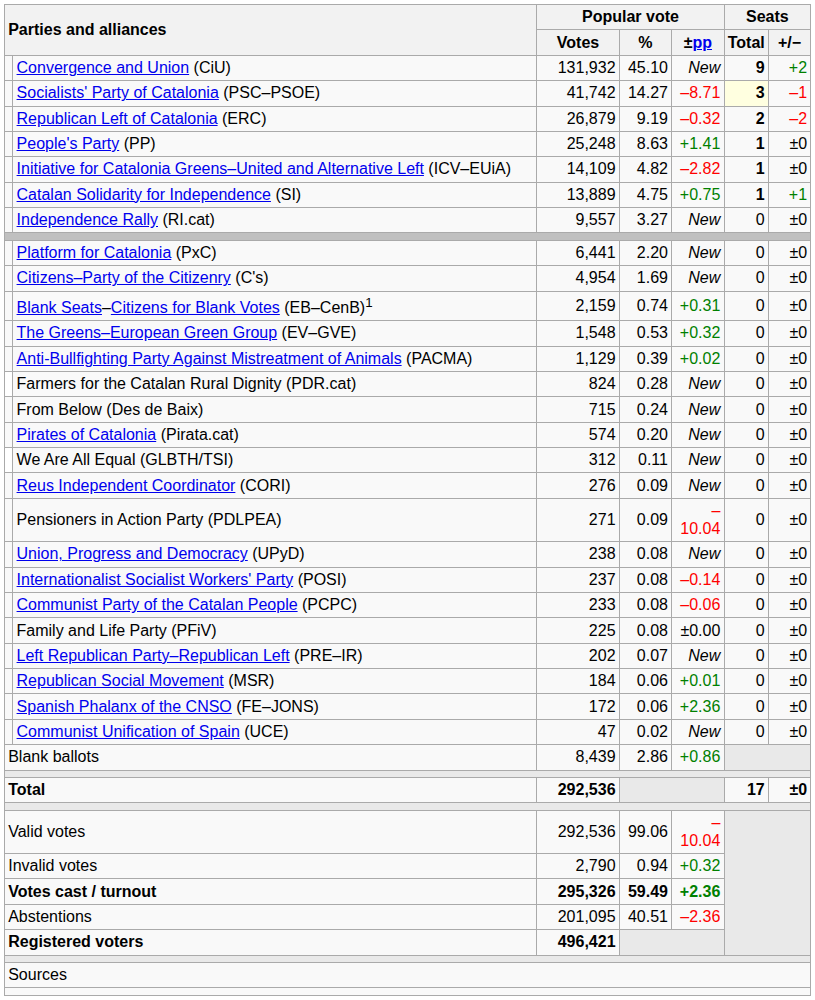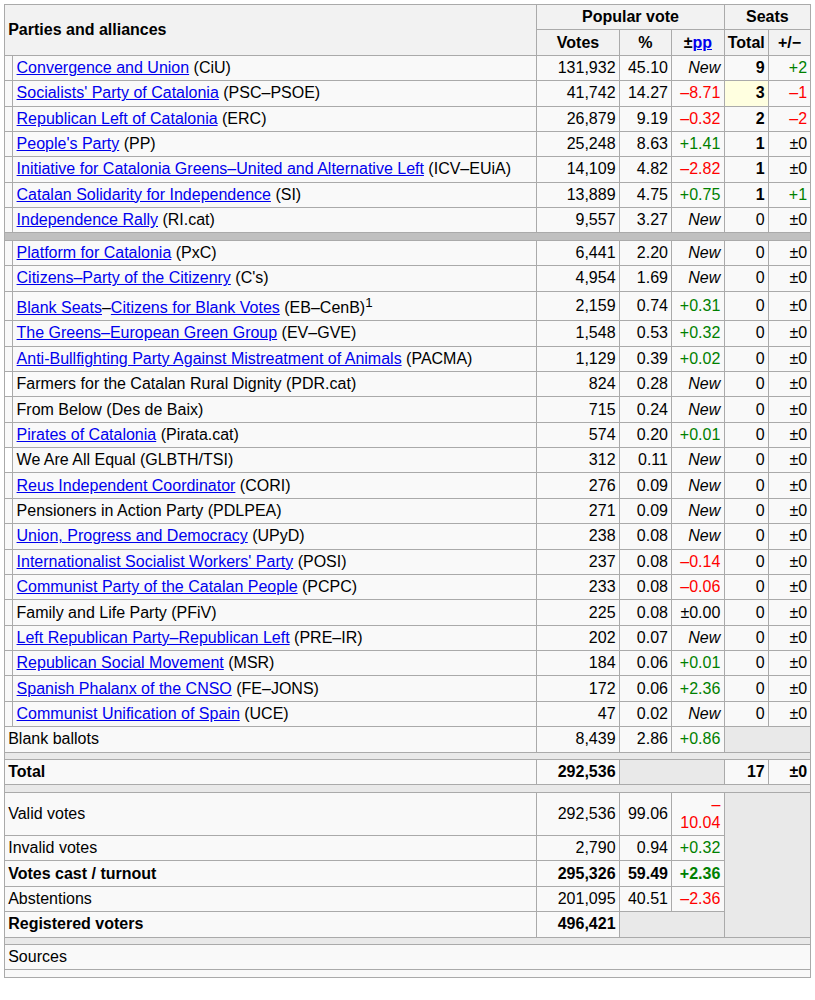 <table class="wikitable" style="text-align:right;">
 <tr>
 <th style="text-align:left;" rowspan="2" colspan="2" width="525">Parties and alliances</th>
 <th colspan="3">Popular vote</th>
 <th colspan="2">Seats</th>
 </tr>
 <tr>
 <th width="75">Votes</th>
 <th width="45">%</th>
 <th width="45">±<a href='#'>pp</a></th>
 <th width="35">Total</th>
 <th width="35">+/−</th>
 </tr>
 <tr>
 <td width="1" style="color:inherit;background:"></td>
 <td align="left"><a href='#'>Convergence and Union</a> (CiU)</td>
 <td>131,932</td>
 <td>45.10</td>
 <td><em>New</em></td>
 <td><strong>9</strong></td>
 <td style="color:green;">+2</td>
 </tr>
 <tr>
 <td style="color:inherit;background:"></td>
 <td align="left"><a href='#'>Socialists' Party of Catalonia</a> (PSC–PSOE)</td>
 <td>41,742</td>
 <td>14.27</td>
 <td style="color:red;">–8.71</td>
 <td style="background: lightyellow;"><strong>3</strong></td>
 <td style="color:red;">–1</td>
 </tr>
 <tr>
 <td style="color:inherit;background:"></td>
 <td align="left"><a href='#'>Republican Left of Catalonia</a> (ERC)</td>
 <td>26,879</td>
 <td>9.19</td>
 <td style="color:red;">–0.32</td>
 <td><strong>2</strong></td>
 <td style="color:red;">–2</td>
 </tr>
 <tr>
 <td style="color:inherit;background:"></td>
 <td align="left"><a href='#'>People's Party</a> (PP)</td>
 <td>25,248</td>
 <td>8.63</td>
 <td style="color:green;">+1.41</td>
 <td><strong>1</strong></td>
 <td>±0</td>
 </tr>
 <tr>
 <td style="color:inherit;background:"></td>
 <td align="left"><a href='#'>Initiative for Catalonia Greens–United and Alternative Left</a> (ICV–EUiA)</td>
 <td>14,109</td>
 <td>4.82</td>
 <td style="color:red;">–2.82</td>
 <td><strong>1</strong></td>
 <td>±0</td>
 </tr>
 <tr>
 <td style="color:inherit;background:"></td>
 <td align="left"><a href='#'>Catalan Solidarity for Independence</a> (SI)</td>
 <td>13,889</td>
 <td>4.75</td>
 <td style="color:green;">+0.75</td>
 <td><strong>1</strong></td>
 <td style="color:green;">+1</td>
 </tr>
 <tr>
 <td style="color:inherit;background:"></td>
 <td align="left"><a href='#'>Independence Rally</a> (RI.cat)</td>
 <td>9,557</td>
 <td>3.27</td>
 <td><em>New</em></td>
 <td>0</td>
 <td>±0</td>
 </tr>
 <tr>
 <td colspan="7" bgcolor="#C0C0C0"></td>
 </tr>
 <tr>
 <td style="color:inherit;background:"></td>
 <td align="left"><a href='#'>Platform for Catalonia</a> (PxC)</td>
 <td>6,441</td>
 <td>2.20</td>
 <td><em>New</em></td>
 <td>0</td>
 <td>±0</td>
 </tr>
 <tr>
 <td style="color:inherit;background:"></td>
 <td align="left"><a href='#'>Citizens–Party of the Citizenry</a> (C's)</td>
 <td>4,954</td>
 <td>1.69</td>
 <td><em>New</em></td>
 <td>0</td>
 <td>±0</td>
 </tr>
 <tr>
 <td style="color:inherit;background:"></td>
 <td align="left"><a href='#'>Blank Seats</a>–<a href='#'>Citizens for Blank Votes</a> (EB–CenB)<sup>1</sup></td>
 <td>2,159</td>
 <td>0.74</td>
 <td style="color:green;">+0.31</td>
 <td>0</td>
 <td>±0</td>
 </tr>
 <tr>
 <td style="color:inherit;background:"></td>
 <td align="left"><a href='#'>The Greens–European Green Group</a> (EV–GVE)</td>
 <td>1,548</td>
 <td>0.53</td>
 <td style="color:green;">+0.32</td>
 <td>0</td>
 <td>±0</td>
 </tr>
 <tr>
 <td style="color:inherit;background:"></td>
 <td align="left"><a href='#'>Anti-Bullfighting Party Against Mistreatment of Animals</a> (PACMA)</td>
 <td>1,129</td>
 <td>0.39</td>
 <td style="color:green;">+0.02</td>
 <td>0</td>
 <td>±0</td>
 </tr>
 <tr>
 <td bgcolor="white"></td>
 <td align="left">Farmers for the Catalan Rural Dignity (PDR.cat)</td>
 <td>824</td>
 <td>0.28</td>
 <td><em>New</em></td>
 <td>0</td>
 <td>±0</td>
 </tr>
 <tr>
 <td style="color:inherit;background:"></td>
 <td align="left">From Below (Des de Baix)</td>
 <td>715</td>
 <td>0.24</td>
 <td><em>New</em></td>
 <td>0</td>
 <td>±0</td>
 </tr>
 <tr>
 <td style="color:inherit;background:"></td>
 <td align="left"><a href='#'>Pirates of Catalonia</a> (Pirata.cat)</td>
 <td>574</td>
 <td>0.20</td>
-<td><em>New</em></td>
+<td style="color:green;">+0.01</td>
 <td>0</td>
 <td>±0</td>
 </tr>
 <tr>
 <td bgcolor="white"></td>
 <td align="left">We Are All Equal (GLBTH/TSI)</td>
 <td>312</td>
 <td>0.11</td>
 <td><em>New</em></td>
 <td>0</td>
 <td>±0</td>
 </tr>
 <tr>
 <td style="color:inherit;background:"></td>
 <td align="left"><a href='#'>Reus Independent Coordinator</a> (CORI)</td>
 <td>276</td>
 <td>0.09</td>
 <td><em>New</em></td>
 <td>0</td>
 <td>±0</td>
 </tr>
 <tr>
 <td style="color:inherit;background:"></td>
 <td align="left">Pensioners in Action Party (PDLPEA)</td>
 <td>271</td>
 <td>0.09</td>
-<td style="color:red;">–10.04</td>
+<td><em>New</em></td>
 <td>0</td>
 <td>±0</td>
 </tr>
 <tr>
 <td style="color:inherit;background:"></td>
 <td align="left"><a href='#'>Union, Progress and Democracy</a> (UPyD)</td>
 <td>238</td>
 <td>0.08</td>
 <td><em>New</em></td>
 <td>0</td>
 <td>±0</td>
 </tr>
 <tr>
 <td style="color:inherit;background:"></td>
 <td align="left"><a href='#'>Internationalist Socialist Workers' Party</a> (POSI)</td>
 <td>237</td>
 <td>0.08</td>
 <td style="color:red;">–0.14</td>
 <td>0</td>
 <td>±0</td>
 </tr>
 <tr>
 <td style="color:inherit;background:"></td>
 <td align="left"><a href='#'>Communist Party of the Catalan People</a> (PCPC)</td>
 <td>233</td>
 <td>0.08</td>
 <td style="color:red;">–0.06</td>
 <td>0</td>
 <td>±0</td>
 </tr>
 <tr>
 <td style="color:inherit;background:"></td>
 <td align="left">Family and Life Party (PFiV)</td>
 <td>225</td>
 <td>0.08</td>
 <td>±0.00</td>
 <td>0</td>
 <td>±0</td>
 </tr>
 <tr>
 <td style="color:inherit;background:"></td>
 <td align="left"><a href='#'>Left Republican Party–Republican Left</a> (PRE–IR)</td>
 <td>202</td>
 <td>0.07</td>
 <td><em>New</em></td>
 <td>0</td>
 <td>±0</td>
 </tr>
 <tr>
 <td style="color:inherit;background:"></td>
 <td align="left"><a href='#'>Republican Social Movement</a> (MSR)</td>
 <td>184</td>
 <td>0.06</td>
 <td style="color:green;">+0.01</td>
 <td>0</td>
 <td>±0</td>
 </tr>
 <tr>
 <td style="color:inherit;background:"></td>
 <td align="left"><a href='#'>Spanish Phalanx of the CNSO</a> (FE–JONS)</td>
 <td>172</td>
 <td>0.06</td>
 <td style="color:green;">+2.36</td>
 <td>0</td>
 <td>±0</td>
 </tr>
 <tr>
 <td style="color:inherit;background:"></td>
 <td align="left"><a href='#'>Communist Unification of Spain</a> (UCE)</td>
 <td>47</td>
 <td>0.02</td>
 <td><em>New</em></td>
 <td>0</td>
 <td>±0</td>
 </tr>
 <tr>
 <td align="left" colspan="2">Blank ballots</td>
 <td>8,439</td>
 <td>2.86</td>
 <td style="color:green;">+0.86</td>
 <td bgcolor="#E9E9E9" colspan="2"></td>
 </tr>
 <tr>
 <td colspan="7" bgcolor="#E9E9E9"></td>
 </tr>
 <tr style="font-weight:bold;">
 <td align="left" colspan="2">Total</td>
 <td>292,536</td>
 <td bgcolor="#E9E9E9" colspan="2"></td>
 <td>17</td>
 <td>±0</td>
 </tr>
 <tr>
 <td colspan="7" bgcolor="#E9E9E9"></td>
 </tr>
 <tr>
 <td align="left" colspan="2">Valid votes</td>
 <td>292,536</td>
 <td>99.06</td>
 <td style="color:red;">–10.04</td>
 <td bgcolor="#E9E9E9" colspan="2" rowspan="5"></td>
 </tr>
 <tr>
 <td align="left" colspan="2">Invalid votes</td>
 <td>2,790</td>
 <td>0.94</td>
 <td style="color:green;">+0.32</td>
 </tr>
 <tr style="font-weight:bold;">
 <td align="left" colspan="2">Votes cast / turnout</td>
 <td>295,326</td>
 <td>59.49</td>
 <td style="color:green;">+2.36</td>
 </tr>
 <tr>
 <td align="left" colspan="2">Abstentions</td>
 <td>201,095</td>
 <td>40.51</td>
 <td style="color:red;">–2.36</td>
 </tr>
 <tr style="font-weight:bold;">
 <td align="left" colspan="2">Registered voters</td>
 <td>496,421</td>
 <td bgcolor="#E9E9E9" colspan="2"></td>
 </tr>
 <tr>
 <td colspan="7" bgcolor="#E9E9E9"></td>
 </tr>
 <tr>
 <td align="left" colspan="7">Sources</td>
 </tr>
 <tr>
 <td colspan="7" style="text-align:left; max-width:790px;"></td>
 </tr>
 </table>
